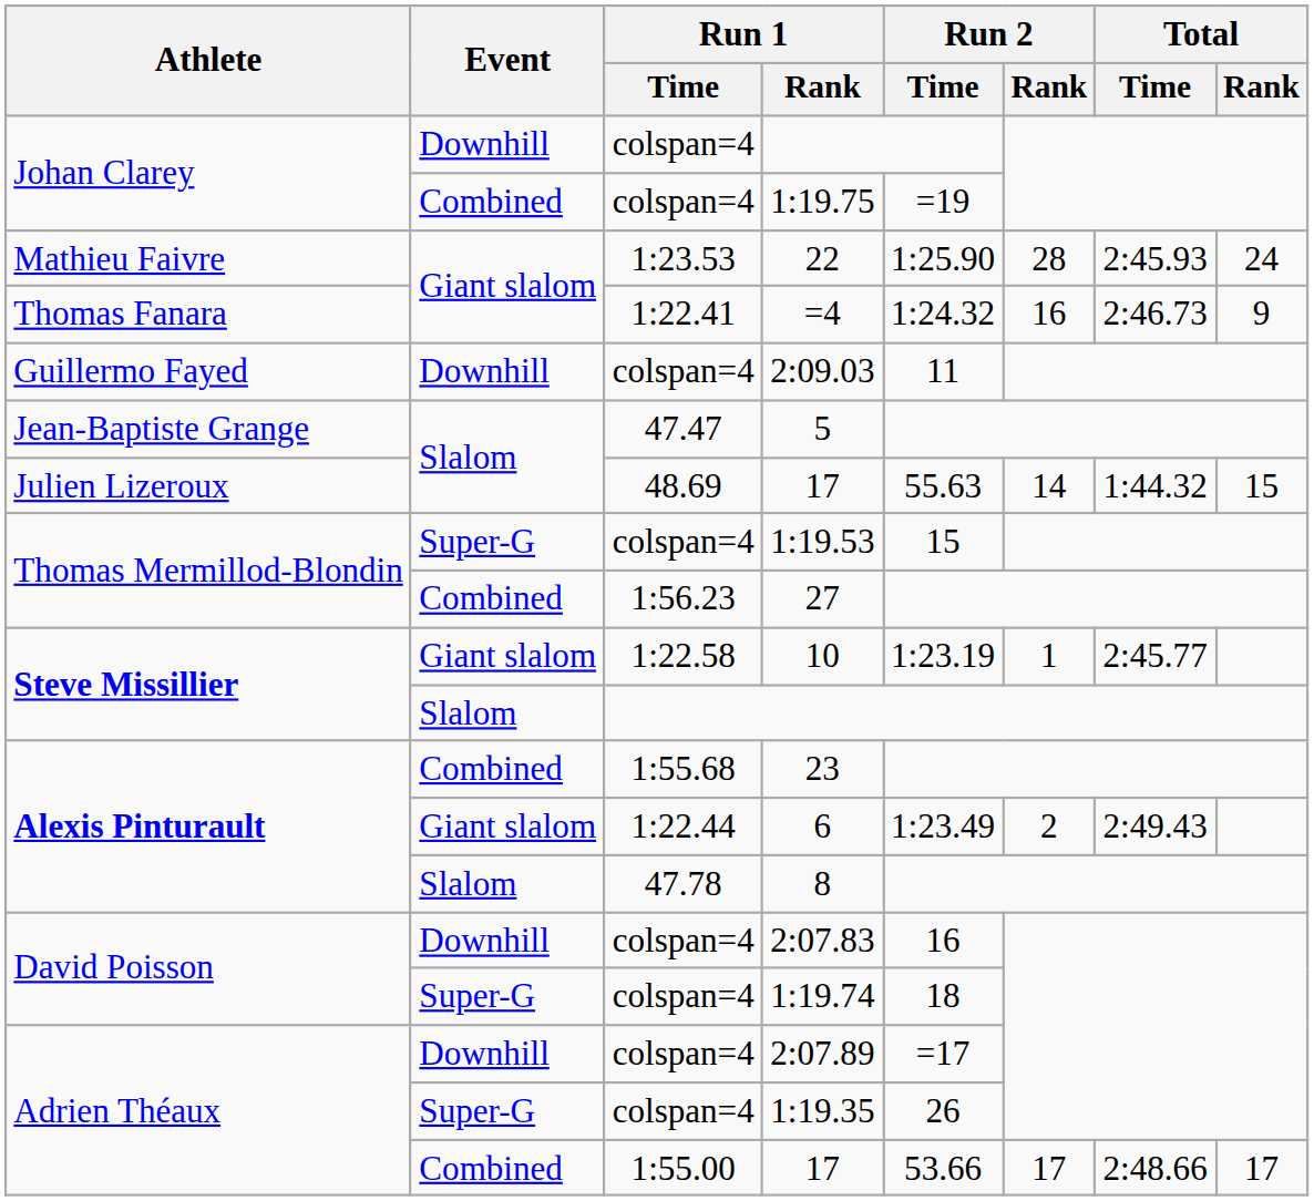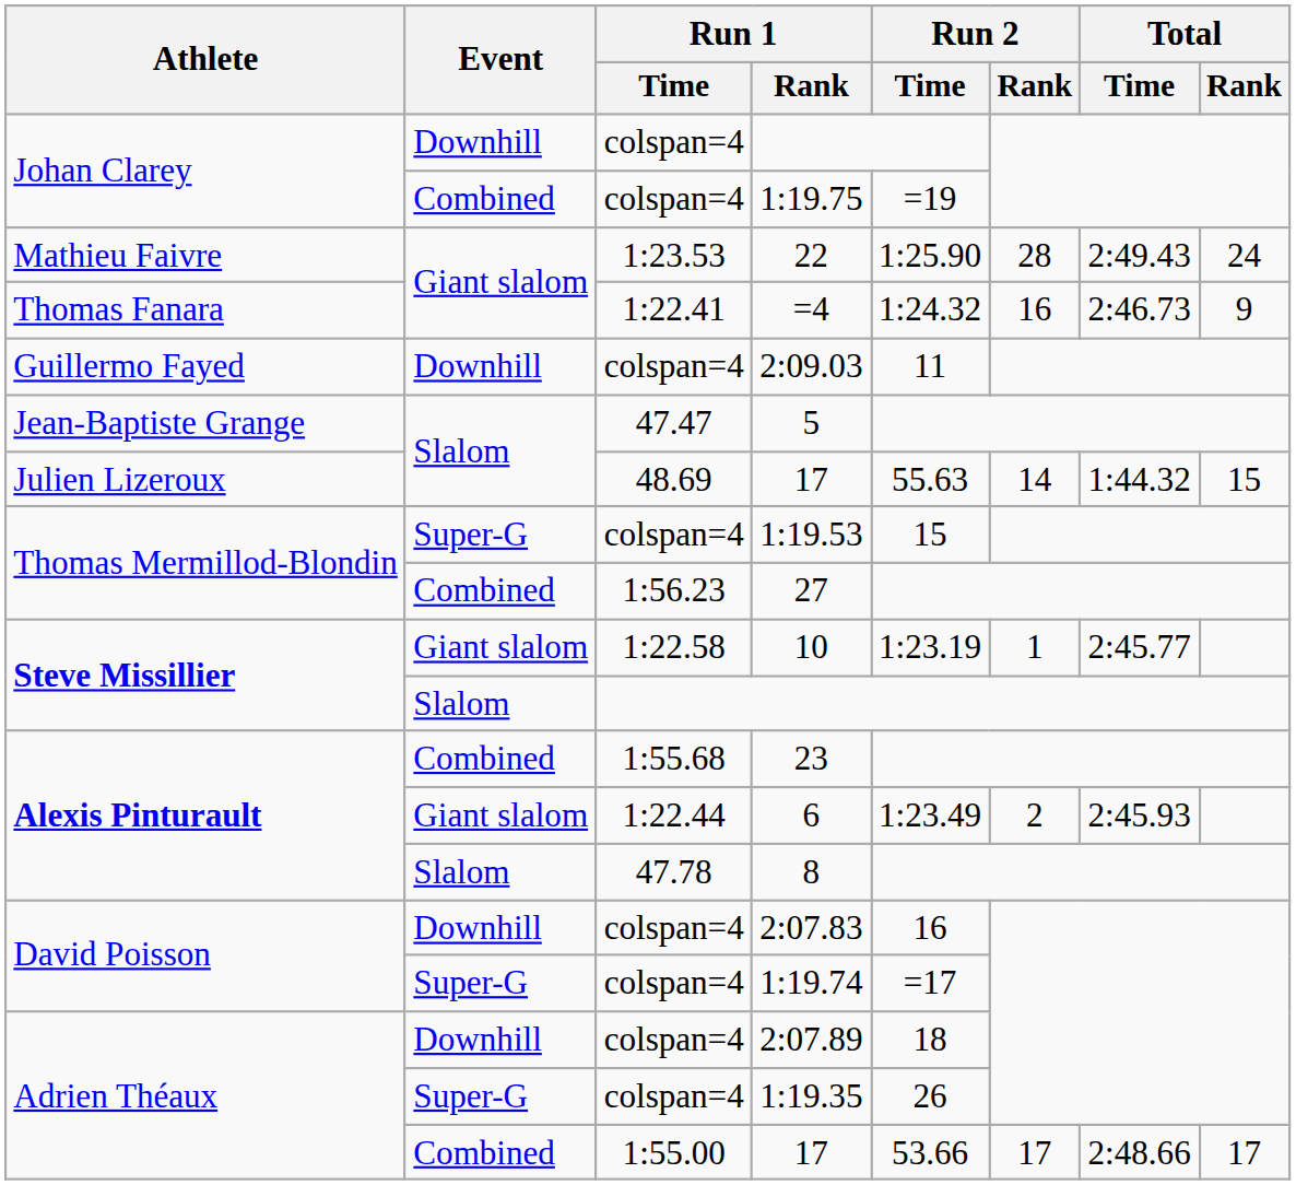 <table class="wikitable" style="font-size:90%">
 <tr>
 <th rowspan=2>Athlete</th>
 <th rowspan=2>Event</th>
 <th colspan=2>Run 1</th>
 <th colspan=2>Run 2</th>
 <th colspan=2>Total</th>
 </tr>
 <tr style="font-size:95%">
 <th>Time</th>
 <th>Rank</th>
 <th>Time</th>
 <th>Rank</th>
 <th>Time</th>
 <th>Rank</th>
 </tr>
 <tr align=center>
 <td align=left rowspan=2><a href='#'>Johan Clarey</a></td>
 <td align=left><a href='#'>Downhill</a></td>
 <td>colspan=4 </td>
 <td colspan=2></td>
 </tr>
 <tr align=center>
 <td align=left><a href='#'>Combined</a></td>
 <td>colspan=4 </td>
 <td>1:19.75</td>
 <td>=19</td>
 </tr>
 <tr align=center>
 <td align=left><a href='#'>Mathieu Faivre</a></td>
 <td align=left rowspan=2><a href='#'>Giant slalom</a></td>
 <td>1:23.53</td>
 <td>22</td>
 <td>1:25.90</td>
 <td>28</td>
-<td>2:45.93</td>
+<td>2:49.43</td>
 <td>24</td>
 </tr>
 <tr align=center>
 <td align=left><a href='#'>Thomas Fanara</a></td>
 <td>1:22.41</td>
 <td>=4</td>
 <td>1:24.32</td>
 <td>16</td>
 <td>2:46.73</td>
 <td>9</td>
 </tr>
 <tr align=center>
 <td align=left><a href='#'>Guillermo Fayed</a></td>
 <td align=left><a href='#'>Downhill</a></td>
 <td>colspan=4 </td>
 <td>2:09.03</td>
 <td>11</td>
 </tr>
 <tr align=center>
 <td align=left><a href='#'>Jean-Baptiste Grange</a></td>
 <td align=left rowspan=2><a href='#'>Slalom</a></td>
 <td>47.47</td>
 <td>5</td>
 <td colspan=4></td>
 </tr>
 <tr align=center>
 <td align=left><a href='#'>Julien Lizeroux</a></td>
 <td>48.69</td>
 <td>17</td>
 <td>55.63</td>
 <td>14</td>
 <td>1:44.32</td>
 <td>15</td>
 </tr>
 <tr align=center>
 <td align=left rowspan=2><a href='#'>Thomas Mermillod-Blondin</a></td>
 <td align=left><a href='#'>Super-G</a></td>
 <td>colspan=4 </td>
 <td>1:19.53</td>
 <td>15</td>
 </tr>
 <tr align=center>
 <td align=left><a href='#'>Combined</a></td>
 <td>1:56.23</td>
 <td>27</td>
 <td colspan=4></td>
 </tr>
 <tr align=center>
 <td align=left rowspan=2><strong><a href='#'>Steve Missillier</a></strong></td>
 <td align=left><a href='#'>Giant slalom</a></td>
 <td>1:22.58</td>
 <td>10</td>
 <td>1:23.19</td>
 <td>1</td>
 <td>2:45.77</td>
 <td></td>
 </tr>
 <tr align=center>
 <td align=left><a href='#'>Slalom</a></td>
 <td colspan=6></td>
 </tr>
 <tr align=center>
 <td align=left rowspan=3><strong><a href='#'>Alexis Pinturault</a></strong></td>
 <td align=left><a href='#'>Combined</a></td>
 <td>1:55.68</td>
 <td>23</td>
 <td colspan=4></td>
 </tr>
 <tr align=center>
 <td align=left><a href='#'>Giant slalom</a></td>
 <td>1:22.44</td>
 <td>6</td>
 <td>1:23.49</td>
 <td>2</td>
-<td>2:49.43</td>
+<td>2:45.93</td>
 <td></td>
 </tr>
 <tr align=center>
 <td align=left><a href='#'>Slalom</a></td>
 <td>47.78</td>
 <td>8</td>
 <td colspan=4></td>
 </tr>
 <tr align=center>
 <td align=left rowspan=2><a href='#'>David Poisson</a></td>
 <td align=left><a href='#'>Downhill</a></td>
 <td>colspan=4 </td>
 <td>2:07.83</td>
 <td>16</td>
 </tr>
 <tr align=center>
 <td align=left><a href='#'>Super-G</a></td>
 <td>colspan=4 </td>
 <td>1:19.74</td>
-<td>18</td>
+<td>=17</td>
 </tr>
 <tr align=center>
 <td align=left rowspan=3><a href='#'>Adrien Théaux</a></td>
 <td align=left><a href='#'>Downhill</a></td>
 <td>colspan=4 </td>
 <td>2:07.89</td>
-<td>=17</td>
+<td>18</td>
 </tr>
 <tr align=center>
 <td align=left><a href='#'>Super-G</a></td>
 <td>colspan=4 </td>
 <td>1:19.35</td>
 <td>26</td>
 </tr>
 <tr align=center>
 <td align=left><a href='#'>Combined</a></td>
 <td>1:55.00</td>
 <td>17</td>
 <td>53.66</td>
 <td>17</td>
 <td>2:48.66</td>
 <td>17</td>
 </tr>
 </table>
